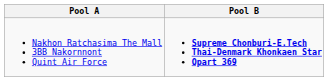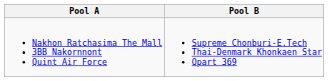 <table class="wikitable">
 <tr>
 <th width=50%>Pool A</th>
 <th width=50%>Pool B</th>
 </tr>
 <tr>
 <td><br><ul><li><a href='#'>Nakhon Ratchasima The Mall</a></li><li><a href='#'>3BB Nakornnont</a></li><li><a href='#'>Quint Air Force</a></li></ul></td>
-<td><strong><br><ul><li><a href='#'>Supreme Chonburi-E.Tech</a></li><li><a href='#'>Thai-Denmark Khonkaen Star</a></li><li><a href='#'>Opart 369</a></li></ul></strong></td>
+<td><br><ul><li><a href='#'>Supreme Chonburi-E.Tech</a></li><li><a href='#'>Thai-Denmark Khonkaen Star</a></li><li><a href='#'>Opart 369</a></li></ul></td>
 </tr>
 </table>
